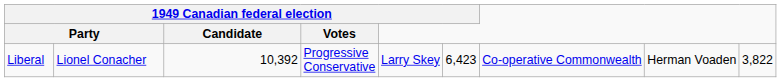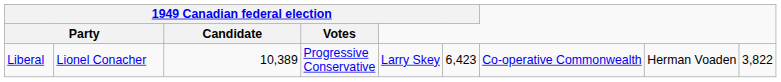 <table class="wikitable">
 <tr style="background:#e9e9e9;">
 <th colspan="6"><a href='#'>1949 Canadian federal election</a></th>
 </tr>
 <tr style="background:#e9e9e9;">
 <th colspan="2" style="width: 200px">Party</th>
 <th style="width: 170px">Candidate</th>
 <th style="width: 40px">Votes</th>
 </tr>
 <tr>
 <td><a href='#'>Liberal</a></td>
 <td><a href='#'>Lionel Conacher</a></td>
-<td align="right">10,392<br></td>
+<td align="right">10,389<br></td>
 <td><a href='#'>Progressive Conservative</a></td>
 <td><a href='#'>Larry Skey</a></td>
 <td align="right">6,423<br> </td>
 <td><a href='#'>Co-operative Commonwealth</a></td>
 <td>Herman Voaden</td>
 <td align="right">3,822</td>
 </tr>
 </table>
